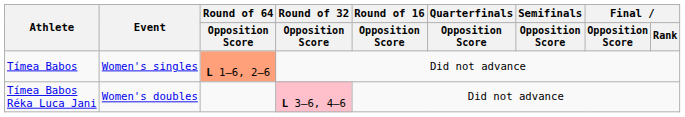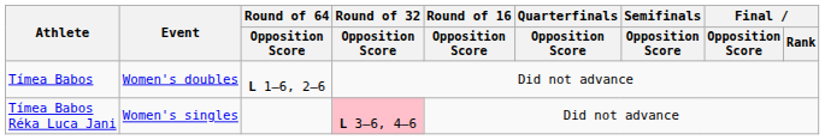 <table class=wikitable style="font-size:90%">
 <tr>
 <th rowspan="2">Athlete</th>
 <th rowspan="2">Event</th>
 <th>Round of 64</th>
 <th>Round of 32</th>
 <th>Round of 16</th>
 <th>Quarterfinals</th>
 <th>Semifinals</th>
 <th colspan=2>Final / </th>
 </tr>
 <tr style="font-size:95%">
 <th>Opposition<br>Score</th>
 <th>Opposition<br>Score</th>
 <th>Opposition<br>Score</th>
 <th>Opposition<br>Score</th>
 <th>Opposition<br>Score</th>
 <th>Opposition<br>Score</th>
 <th>Rank</th>
 </tr>
 <tr align=center>
 <td align=left><a href='#'>Tímea Babos</a></td>
-<td align=left><a href='#'>Women's singles</a></td>
-<td style="background: lightsalmon;"><br><strong>L</strong> 1–6, 2–6</td>
+<td align=left><a href='#'>Women's doubles</a></td>
+<td><br><strong>L</strong> 1–6, 2–6</td>
 <td colspan=6>Did not advance</td>
 </tr>
 <tr align=center>
 <td align=left><a href='#'>Tímea Babos</a><br><a href='#'>Réka Luca Jani</a></td>
-<td align=left><a href='#'>Women's doubles</a></td>
+<td align=left><a href='#'>Women's singles</a></td>
 <td></td>
 <td style="background: pink;"><br><strong>L</strong> 3–6, 4–6</td>
 <td colspan=5>Did not advance</td>
 </tr>
 </table>
